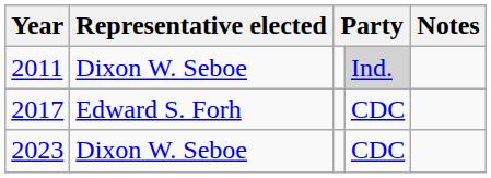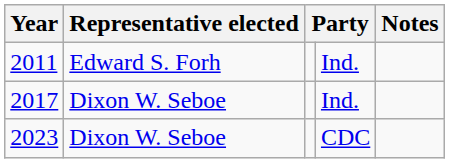 <table class="wikitable">
 <tr>
 <th>Year</th>
 <th>Representative elected</th>
 <th colspan=2>Party</th>
 <th>Notes</th>
 </tr>
 <tr>
 <td><a href='#'>2011</a></td>
-<td><a href='#'>Dixon W. Seboe</a></td>
+<td><a href='#'>Edward S. Forh</a></td>
 <td></td>
-<td style="background: lightgrey;"><a href='#'>Ind.</a></td>
+<td><a href='#'>Ind.</a></td>
 <td></td>
 </tr>
 <tr>
 <td><a href='#'>2017</a></td>
-<td><a href='#'>Edward S. Forh</a></td>
+<td><a href='#'>Dixon W. Seboe</a></td>
 <td></td>
-<td><a href='#'>CDC</a></td>
+<td><a href='#'>Ind.</a></td>
 <td></td>
 </tr>
 <tr>
 <td><a href='#'>2023</a></td>
 <td><a href='#'>Dixon W. Seboe</a></td>
 <td></td>
 <td><a href='#'>CDC</a></td>
 <td></td>
 </tr>
 </table>
